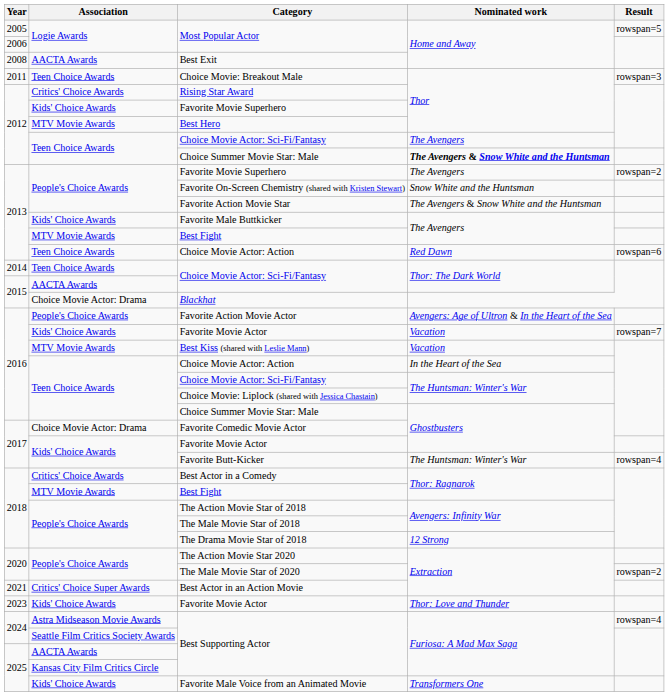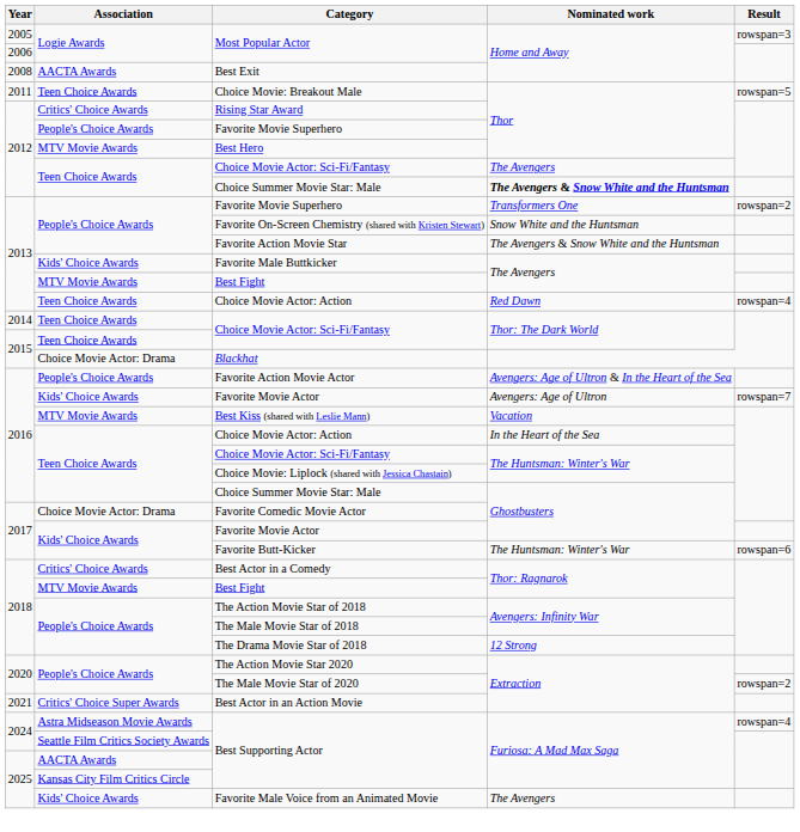 <table class="wikitable sortable">
 <tr>
 <th>Year</th>
 <th>Association</th>
 <th>Category</th>
 <th>Nominated work</th>
 <th>Result</th>
 </tr>
 <tr>
 <td>2005</td>
 <td rowspan=2><a href='#'>Logie Awards</a></td>
 <td rowspan=2><a href='#'>Most Popular Actor</a></td>
 <td rowspan=3><em><a href='#'>Home and Away</a></em></td>
-<td>rowspan=5 </td>
+<td>rowspan=3 </td>
 </tr>
 <tr>
 <td>2006</td>
 </tr>
 <tr>
 <td>2008</td>
 <td><a href='#'>AACTA Awards</a></td>
 <td>Best Exit</td>
 </tr>
 <tr>
 <td>2011</td>
 <td><a href='#'>Teen Choice Awards</a></td>
 <td>Choice Movie: Breakout Male</td>
 <td rowspan=4><em><a href='#'>Thor</a></em></td>
-<td>rowspan=3 </td>
+<td>rowspan=5 </td>
 </tr>
 <tr>
 <td rowspan=5>2012</td>
 <td><a href='#'>Critics' Choice Awards</a></td>
 <td><a href='#'>Rising Star Award</a></td>
 </tr>
 <tr>
-<td><a href='#'>Kids' Choice Awards</a></td>
+<td><a href='#'>People's Choice Awards</a></td>
 <td>Favorite Movie Superhero</td>
 </tr>
 <tr>
 <td><a href='#'>MTV Movie Awards</a></td>
 <td><a href='#'>Best Hero</a></td>
 </tr>
 <tr>
 <td rowspan=2><a href='#'>Teen Choice Awards</a></td>
 <td><a href='#'>Choice Movie Actor: Sci-Fi/Fantasy</a></td>
 <td><em><a href='#'>The Avengers</a></em></td>
 </tr>
 <tr>
 <td>Choice Summer Movie Star: Male</td>
 <td><strong><em>The Avengers</em> & <em><a href='#'>Snow White and the Huntsman</a></em></strong></td>
 <td></td>
 </tr>
 <tr>
 <td rowspan=6>2013</td>
 <td rowspan=3><a href='#'>People's Choice Awards</a></td>
 <td>Favorite Movie Superhero</td>
-<td><em>The Avengers</em></td>
+<td><em><a href='#'>Transformers One</a></em></td>
 <td>rowspan=2 </td>
 </tr>
 <tr>
 <td>Favorite On-Screen Chemistry <small>(shared with <a href='#'>Kristen Stewart</a>)</small></td>
 <td><em>Snow White and the Huntsman</em></td>
 </tr>
 <tr>
 <td>Favorite Action Movie Star</td>
 <td><em>The Avengers</em> & <em>Snow White and the Huntsman</em></td>
 <td></td>
 </tr>
 <tr>
 <td><a href='#'>Kids' Choice Awards</a></td>
 <td>Favorite Male Buttkicker</td>
 <td rowspan=2><em>The Avengers</em></td>
 <td></td>
 </tr>
 <tr>
 <td><a href='#'>MTV Movie Awards</a></td>
 <td><a href='#'>Best Fight</a></td>
 <td></td>
 </tr>
 <tr>
 <td><a href='#'>Teen Choice Awards</a></td>
 <td>Choice Movie Actor: Action</td>
 <td><em><a href='#'>Red Dawn</a></em></td>
-<td>rowspan=6 </td>
+<td>rowspan=4 </td>
 </tr>
 <tr>
 <td>2014</td>
 <td><a href='#'>Teen Choice Awards</a></td>
 <td rowspan=2><a href='#'>Choice Movie Actor: Sci-Fi/Fantasy</a></td>
 <td rowspan=2><em><a href='#'>Thor: The Dark World</a></em></td>
 </tr>
 <tr>
 <td rowspan=2>2015</td>
-<td><a href='#'>AACTA Awards</a></td>
+<td><a href='#'>Teen Choice Awards</a></td>
 </tr>
 <tr>
 <td>Choice Movie Actor: Drama</td>
 <td><em><a href='#'>Blackhat</a></em></td>
 </tr>
 <tr>
 <td rowspan=7>2016</td>
 <td><a href='#'>People's Choice Awards</a></td>
 <td>Favorite Action Movie Actor</td>
 <td><em><a href='#'>Avengers: Age of Ultron</a></em> & <em><a href='#'>In the Heart of the Sea</a></em></td>
 <td></td>
 </tr>
 <tr>
 <td><a href='#'>Kids' Choice Awards</a></td>
 <td>Favorite Movie Actor</td>
-<td><em><a href='#'>Vacation</a></em></td>
+<td><em>Avengers: Age of Ultron</em></td>
 <td>rowspan=7 </td>
 </tr>
 <tr>
 <td><a href='#'>MTV Movie Awards</a></td>
 <td><a href='#'>Best Kiss</a> <small>(shared with <a href='#'>Leslie Mann</a>)</small></td>
 <td><em><a href='#'>Vacation</a></em></td>
 </tr>
 <tr>
 <td rowspan=4><a href='#'>Teen Choice Awards</a></td>
 <td>Choice Movie Actor: Action</td>
 <td><em>In the Heart of the Sea</em></td>
 </tr>
 <tr>
 <td><a href='#'>Choice Movie Actor: Sci-Fi/Fantasy</a></td>
 <td rowspan=2><em><a href='#'>The Huntsman: Winter's War</a></em></td>
 </tr>
 <tr>
 <td>Choice Movie: Liplock <small>(shared with <a href='#'>Jessica Chastain</a>)</small></td>
 </tr>
 <tr>
 <td>Choice Summer Movie Star: Male</td>
 <td rowspan=3><em><a href='#'>Ghostbusters</a></em></td>
 </tr>
 <tr>
 <td rowspan=3>2017</td>
 <td>Choice Movie Actor: Drama</td>
 <td>Favorite Comedic Movie Actor</td>
 </tr>
 <tr>
 <td rowspan=2><a href='#'>Kids' Choice Awards</a></td>
 <td>Favorite Movie Actor</td>
 <td></td>
 </tr>
 <tr>
 <td>Favorite Butt-Kicker</td>
 <td><em>The Huntsman: Winter's War</em></td>
-<td>rowspan=4 </td>
+<td>rowspan=6 </td>
 </tr>
 <tr>
 <td rowspan=5>2018</td>
 <td><a href='#'>Critics' Choice Awards</a></td>
 <td>Best Actor in a Comedy</td>
 <td rowspan=2><em><a href='#'>Thor: Ragnarok</a></em></td>
 </tr>
 <tr>
 <td><a href='#'>MTV Movie Awards</a></td>
 <td><a href='#'>Best Fight</a></td>
 </tr>
 <tr>
 <td rowspan=3><a href='#'>People's Choice Awards</a></td>
 <td>The Action Movie Star of 2018</td>
 <td rowspan=2><em><a href='#'>Avengers: Infinity War</a></em></td>
 </tr>
 <tr>
 <td>The Male Movie Star of 2018</td>
 </tr>
 <tr>
 <td>The Drama Movie Star of 2018</td>
 <td><em><a href='#'>12 Strong</a></em></td>
 </tr>
 <tr>
 <td rowspan="2">2020</td>
 <td rowspan="2"><a href='#'>People's Choice Awards</a></td>
 <td>The Action Movie Star 2020</td>
 <td rowspan="3"><em><a href='#'>Extraction</a></em></td>
 <td></td>
 </tr>
 <tr>
 <td>The Male Movie Star of 2020</td>
 <td>rowspan=2 </td>
 </tr>
 <tr>
 <td>2021</td>
 <td><a href='#'>Critics' Choice Super Awards</a></td>
 <td>Best Actor in an Action Movie</td>
 </tr>
 <tr>
-<td>2023</td>
-<td><a href='#'>Kids' Choice Awards</a></td>
-<td>Favorite Movie Actor</td>
-<td><em><a href='#'>Thor: Love and Thunder</a></em></td>
-<td></td>
-</tr>
-<tr>
 <td rowspan="2">2024</td>
 <td><a href='#'>Astra Midseason Movie Awards</a></td>
 <td rowspan="4">Best Supporting Actor</td>
 <td rowspan="4"><em><a href='#'>Furiosa: A Mad Max Saga</a></em></td>
 <td>rowspan=4 </td>
 </tr>
 <tr>
 <td><a href='#'>Seattle Film Critics Society Awards</a></td>
 </tr>
 <tr>
 <td rowspan=3>2025</td>
 <td><a href='#'>AACTA Awards</a></td>
 </tr>
 <tr>
 <td><a href='#'>Kansas City Film Critics Circle</a></td>
 </tr>
 <tr>
 <td><a href='#'>Kids' Choice Awards</a></td>
 <td>Favorite Male Voice from an Animated Movie</td>
-<td><em><a href='#'>Transformers One</a></em></td>
+<td><em>The Avengers</em></td>
 <td></td>
 </tr>
 </table>
